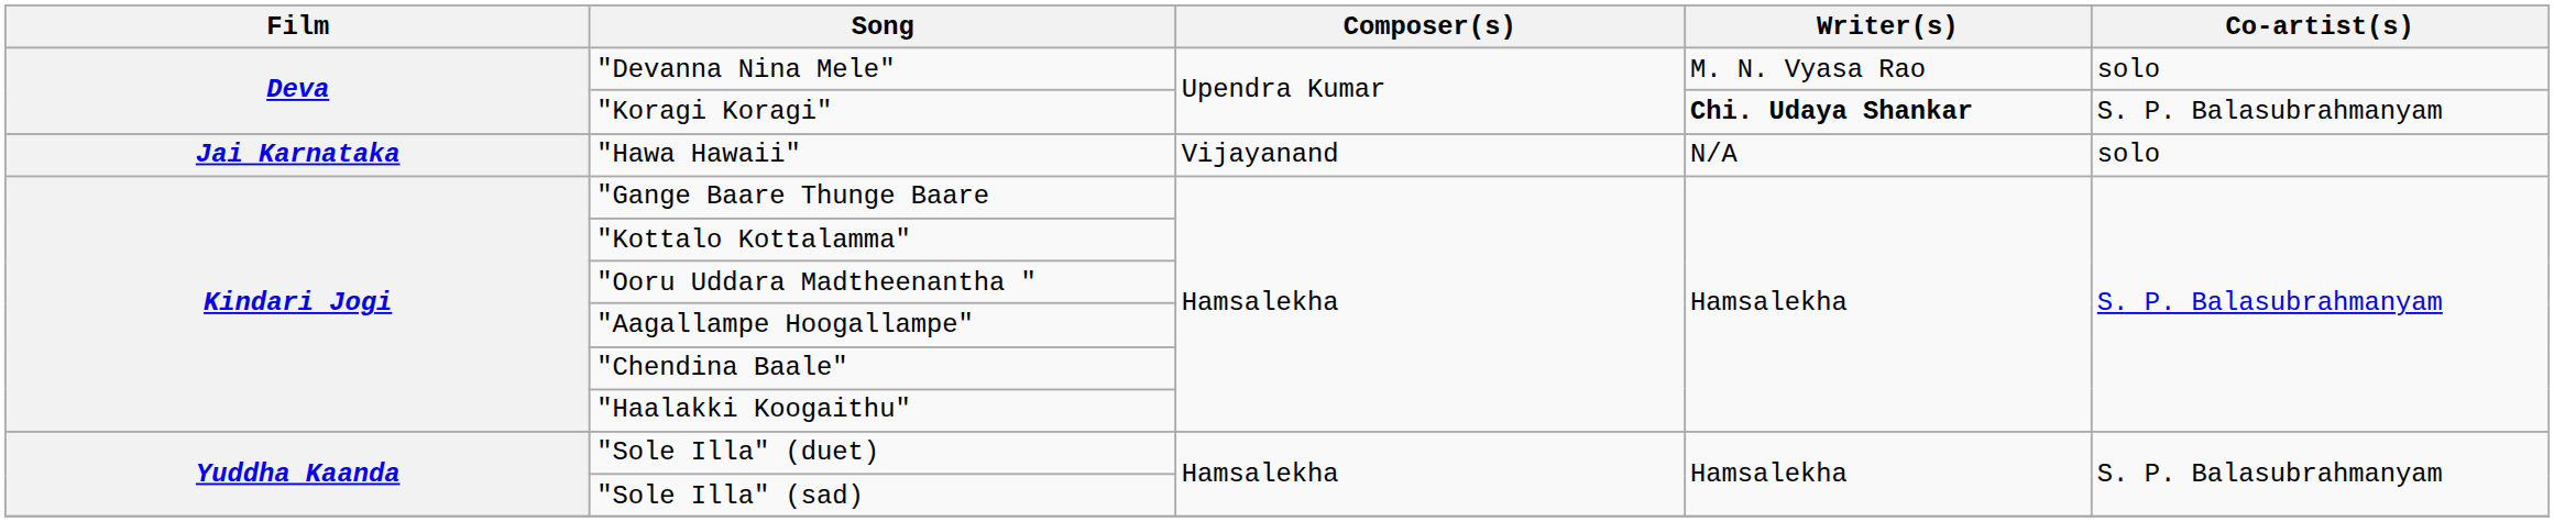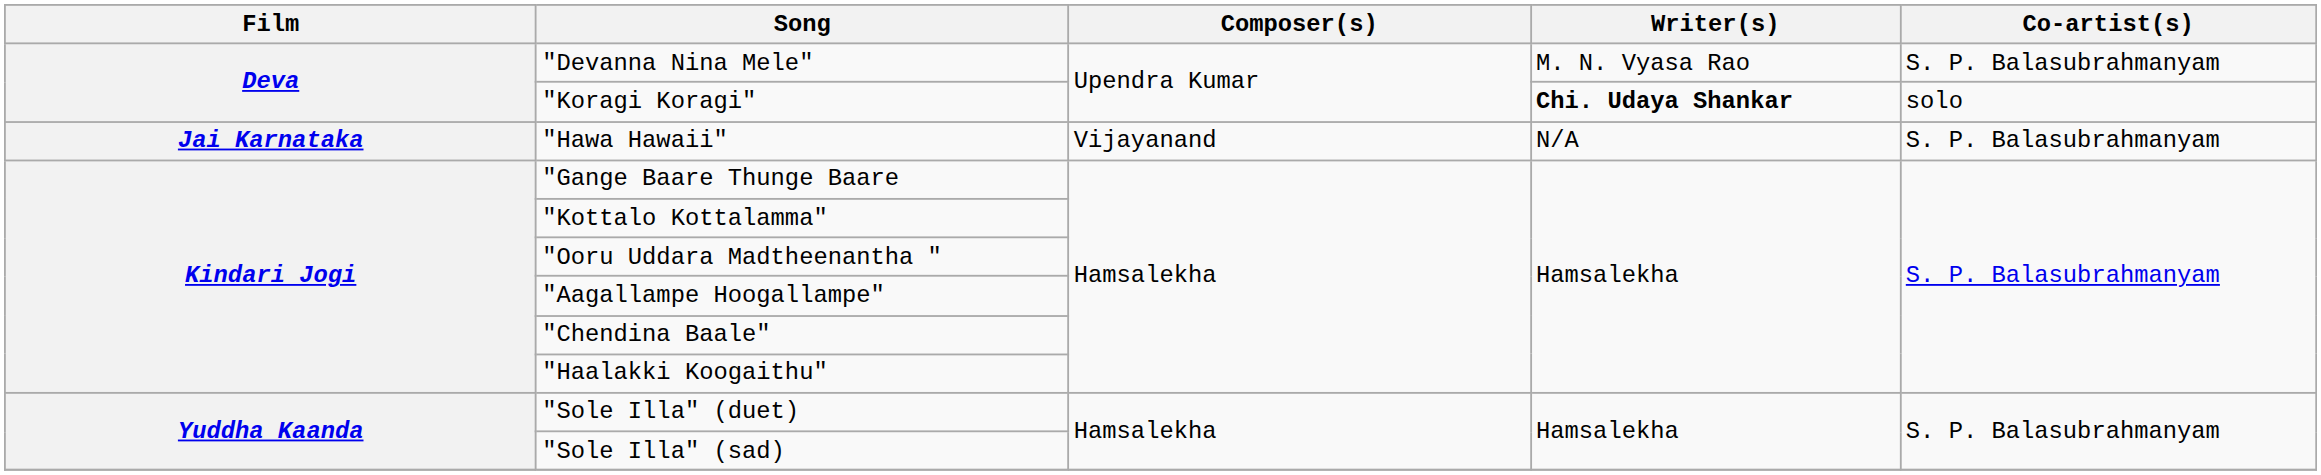 <table class="wikitable plainrowheaders" width="100%" textcolor:#000;">
 <tr style="background:#b0e0e66;">
 <th scope="col" width=23%><strong>Film</strong></th>
 <th scope="col" width=23%><strong>Song</strong></th>
 <th scope="col" width=20%><strong>Composer(s)</strong></th>
 <th scope="col" width=16%><strong>Writer(s)</strong></th>
 <th scope="col" width=18%><strong>Co-artist(s)</strong></th>
 </tr>
 <tr>
 <th Rowspan=2><em><a href='#'>Deva</a></em></th>
 <td>"Devanna Nina Mele"</td>
 <td rowspan=2>Upendra Kumar</td>
 <td>M. N. Vyasa Rao</td>
-<td>solo</td>
+<td>S. P. Balasubrahmanyam</td>
 </tr>
 <tr>
 <td>"Koragi Koragi"</td>
 <td><strong>Chi. Udaya Shankar</strong></td>
-<td>S. P. Balasubrahmanyam</td>
+<td>solo</td>
 </tr>
 <tr>
 <th><em><a href='#'>Jai Karnataka</a></em></th>
 <td>"Hawa Hawaii"</td>
 <td>Vijayanand</td>
 <td>N/A</td>
-<td>solo</td>
+<td>S. P. Balasubrahmanyam</td>
 </tr>
 <tr>
 <th Rowspan=6><em><a href='#'>Kindari Jogi</a></em></th>
 <td>"Gange Baare Thunge Baare</td>
 <td rowspan=6>Hamsalekha</td>
 <td Rowspan=6>Hamsalekha</td>
 <td Rowspan=6><a href='#'>S. P. Balasubrahmanyam</a></td>
 </tr>
 <tr>
 <td>"Kottalo Kottalamma"</td>
 </tr>
 <tr>
 <td>"Ooru Uddara Madtheenantha "</td>
 </tr>
 <tr>
 <td>"Aagallampe Hoogallampe"</td>
 </tr>
 <tr>
 <td>"Chendina Baale"</td>
 </tr>
 <tr>
 <td>"Haalakki Koogaithu"</td>
 </tr>
 <tr>
 <th Rowspan=2><em><a href='#'>Yuddha Kaanda</a></em></th>
 <td>"Sole Illa" (duet)</td>
 <td Rowspan=2>Hamsalekha</td>
 <td rowspan=2>Hamsalekha</td>
 <td Rowspan=2>S. P. Balasubrahmanyam</td>
 </tr>
 <tr>
 <td>"Sole Illa" (sad)</td>
 </tr>
 <tr>
 </tr>
 </table>
